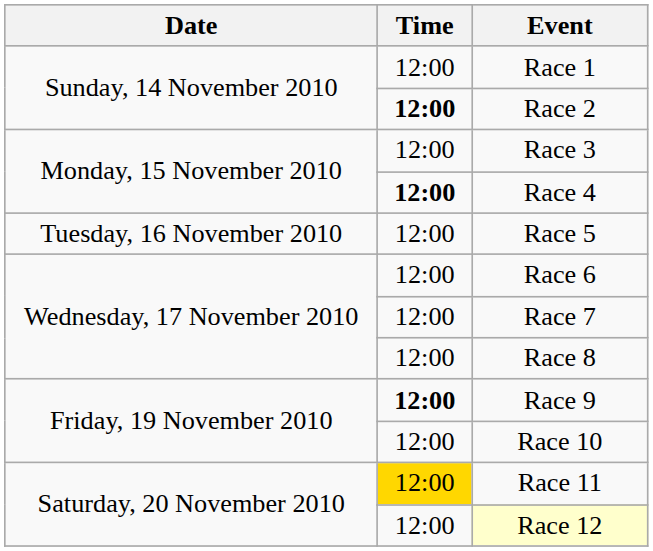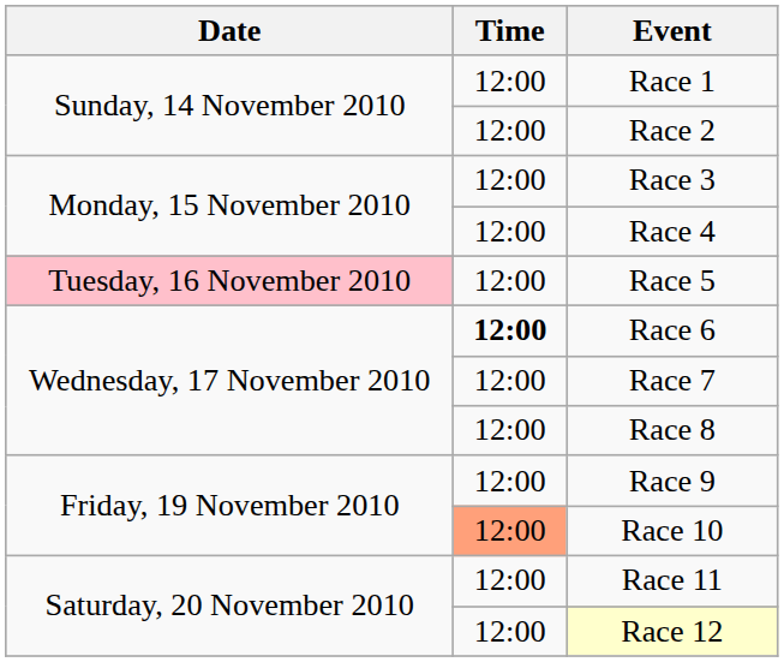 <table class = "wikitable" style="text-align:center;">
 <tr>
 <th width=220>Date</th>
 <th width=50>Time</th>
 <th width=100>Event</th>
 </tr>
 <tr>
 <td rowspan=2>Sunday, 14 November 2010</td>
 <td>12:00</td>
 <td>Race 1</td>
 </tr>
 <tr>
-<td><strong>12:00</strong></td>
+<td>12:00</td>
 <td>Race 2</td>
 </tr>
 <tr>
 <td rowspan=2>Monday, 15 November 2010</td>
 <td>12:00</td>
 <td>Race 3</td>
 </tr>
 <tr>
-<td><strong>12:00</strong></td>
+<td>12:00</td>
 <td>Race 4</td>
 </tr>
 <tr>
-<td>Tuesday, 16 November 2010</td>
+<td style="background: pink;">Tuesday, 16 November 2010</td>
 <td>12:00</td>
 <td>Race 5</td>
 </tr>
 <tr>
 <td rowspan=3>Wednesday, 17 November 2010</td>
-<td>12:00</td>
+<td><strong>12:00</strong></td>
 <td>Race 6</td>
 </tr>
 <tr>
 <td>12:00</td>
 <td>Race 7</td>
 </tr>
 <tr>
 <td>12:00</td>
 <td>Race 8</td>
 </tr>
 <tr>
 <td rowspan=2>Friday, 19 November 2010</td>
-<td><strong>12:00</strong></td>
+<td>12:00</td>
 <td>Race 9</td>
 </tr>
 <tr>
-<td>12:00</td>
+<td style="background: lightsalmon;">12:00</td>
 <td>Race 10</td>
 </tr>
 <tr>
 <td rowspan=2>Saturday, 20 November 2010</td>
-<td style="background: gold;">12:00</td>
+<td>12:00</td>
 <td>Race 11</td>
 </tr>
 <tr>
 <td>12:00</td>
 <td bgcolor=ffffcc>Race 12</td>
 </tr>
 </table>
